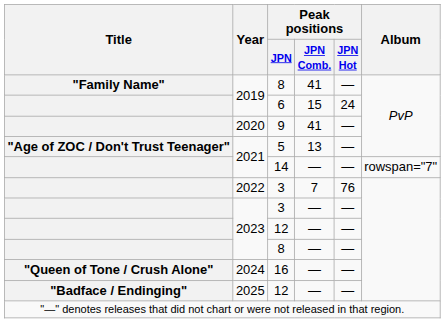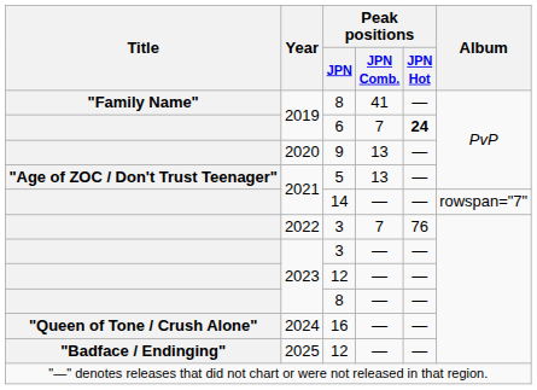 <table class="wikitable plainrowheaders" style="text-align:center;">
 <tr>
 <th scope="col" rowspan="2">Title</th>
 <th scope="col" rowspan="2">Year</th>
 <th scope="col" colspan="3">Peak <br> positions</th>
 <th scope="col" rowspan="2">Album</th>
 </tr>
 <tr>
 <th scope="col" colspan="1"><small><a href='#'>JPN</a></small><br></th>
 <th scope="col" colspan="1"><small><a href='#'>JPN<br>Comb.</a></small><br></th>
 <th scope="col"><small><a href='#'>JPN<br>Hot</a></small><br></th>
 </tr>
 <tr>
 <th scope="row">"Family Name"</th>
 <td rowspan="2">2019</td>
 <td>8</td>
 <td>41</td>
 <td>—</td>
 <td rowspan="4"><em>PvP</em></td>
 </tr>
 <tr>
 <th scope="row"></th>
 <td>6</td>
-<td>15</td>
-<td>24</td>
+<td>7</td>
+<td><strong>24</strong></td>
 </tr>
 <tr>
 <th scope="row"></th>
 <td>2020</td>
 <td>9</td>
-<td>41</td>
+<td>13</td>
 <td>—</td>
 </tr>
 <tr>
 <th scope="row">"Age of ZOC / Don't Trust Teenager"</th>
 <td rowspan="2">2021</td>
 <td>5</td>
 <td>13</td>
 <td>—</td>
 </tr>
 <tr>
 <th scope="row"> </th>
 <td>14</td>
 <td>—</td>
 <td>—</td>
 <td>rowspan="7" </td>
 </tr>
 <tr>
 <th scope="row"></th>
 <td>2022</td>
 <td>3</td>
 <td>7</td>
 <td>76</td>
 </tr>
 <tr>
 <th scope="row"></th>
 <td rowspan="3">2023</td>
 <td>3</td>
 <td>—</td>
 <td>—</td>
 </tr>
 <tr>
 <th scope="row"></th>
 <td>12</td>
 <td>—</td>
 <td>—</td>
 </tr>
 <tr>
 <th scope="row"> </th>
 <td>8</td>
 <td>—</td>
 <td>—</td>
 </tr>
 <tr>
 <th scope="row">"Queen of Tone / Crush Alone"</th>
 <td>2024</td>
 <td>16</td>
 <td>—</td>
 <td>—</td>
 </tr>
 <tr>
 <th scope="row">"Badface / Endinging"</th>
 <td>2025</td>
 <td>12</td>
 <td>—</td>
 <td>—</td>
 </tr>
 <tr>
 <td colspan="7" style="font-size:85%">"—" denotes releases that did not chart or were not released in that region.</td>
 </tr>
 </table>
